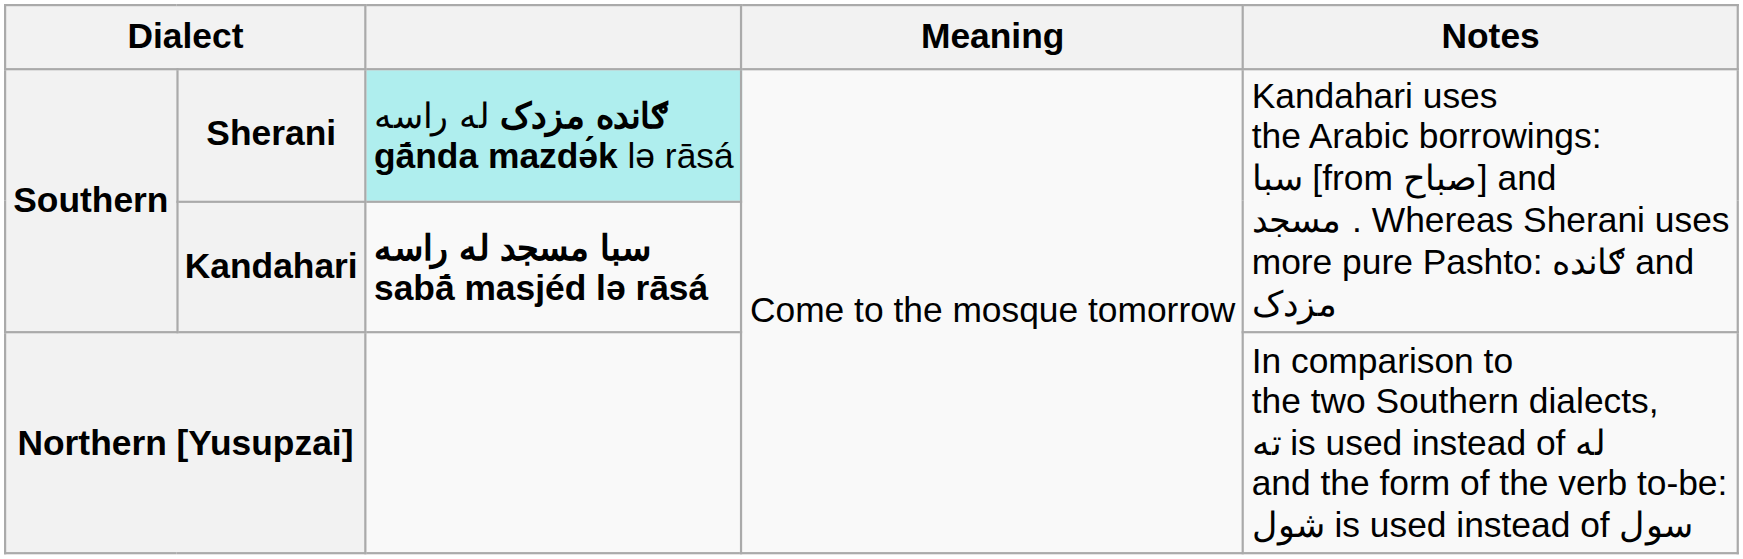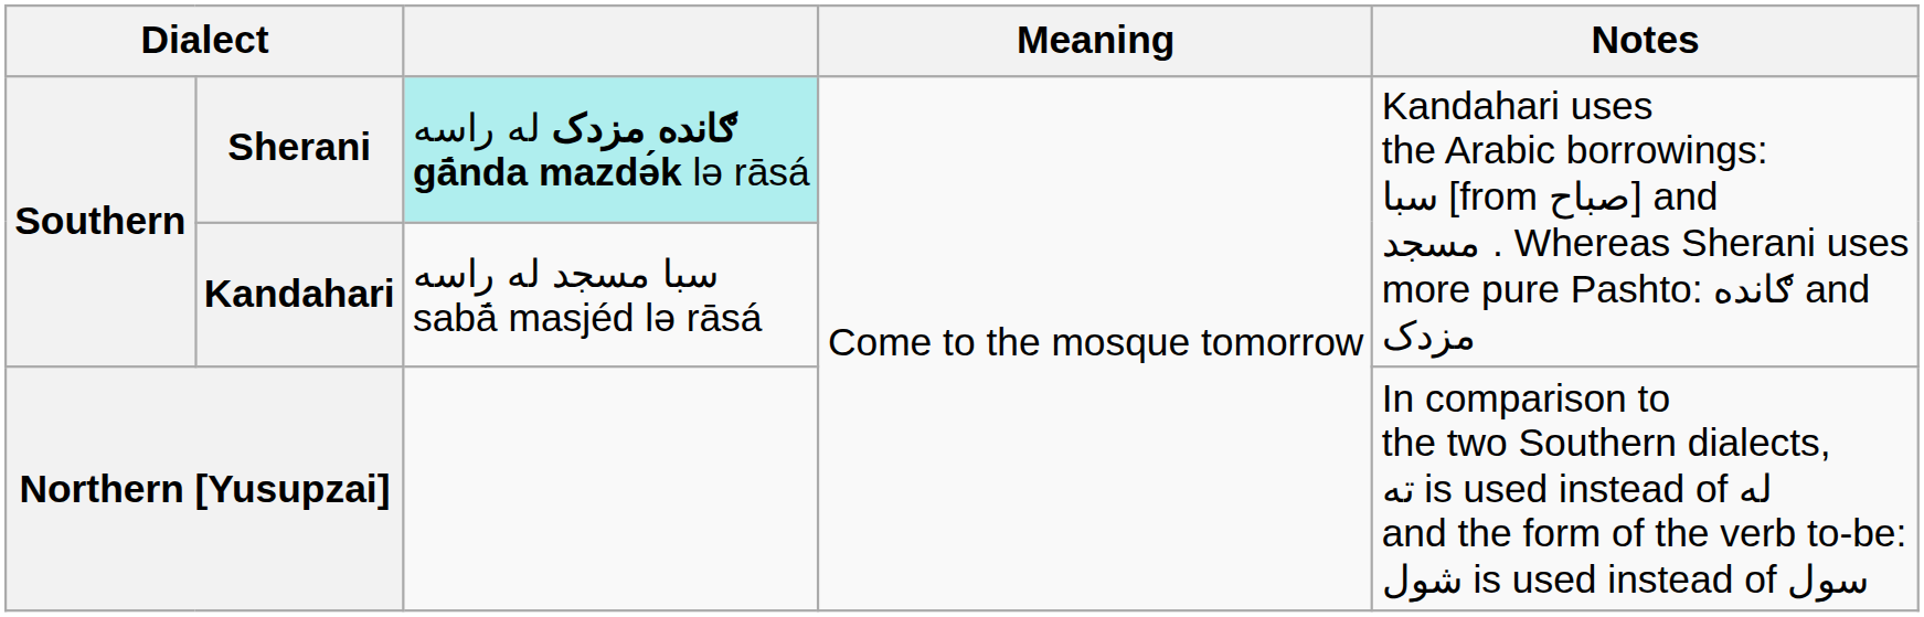 <table class="wikitable" align="center">
 <tr>
 <th colspan="2" style="padding:5px;">Dialect</th>
 <th></th>
 <th>Meaning</th>
 <th>Notes</th>
 </tr>
 <tr>
 <th rowspan="2" align="left">Southern</th>
 <th>Sherani</th>
 <td style="background: paleturquoise;"><strong>ګانده</strong> <strong>مزدک</strong> له راسه<br><strong>gā́nda</strong> <strong>mazdə́k</strong> lə rāsá</td>
 <td rowspan="3">Come to the mosque tomorrow</td>
 <td rowspan="2">Kandahari uses<br>the Arabic borrowings:<br>سبا  [from صباح] and<br>مسجد . Whereas Sherani uses<br>more pure Pashto: ګانده and<br>مزدک</td>
 </tr>
 <tr>
 <th>Kandahari</th>
-<td><strong>سبا مسجد له راسه<br>sabā́ masjéd lə rāsá</strong></td>
+<td>سبا مسجد له راسه<br>sabā́ masjéd lə rāsá</td>
 </tr>
 <tr>
 <th colspan="2">Northern [Yusupzai]</th>
 <td><br></td>
 <td>In comparison to<br>the two Southern dialects,<br>ته  is used instead of له<br>and the form of the verb to-be:<br>شول is used instead of سول</td>
 </tr>
 </table>
